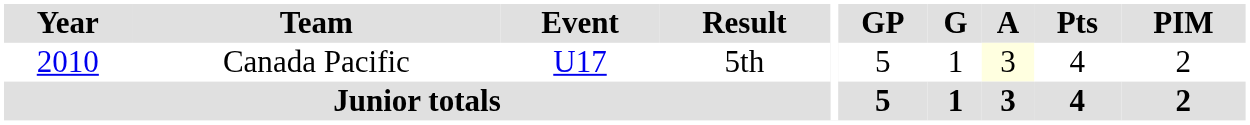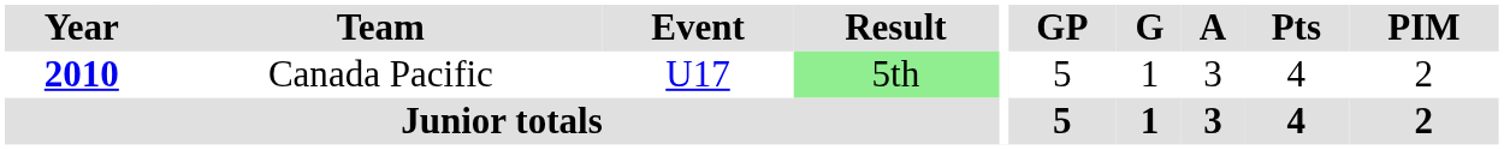 <table border="0" cellpadding="1" cellspacing="0" ID="Table3" style="text-align:center; width:40em">
 <tr ALIGN="center" bgcolor="#e0e0e0">
 <th>Year</th>
 <th>Team</th>
 <th>Event</th>
 <th>Result</th>
 <th rowspan="99" bgcolor="#ffffff"></th>
 <th>GP</th>
 <th>G</th>
 <th>A</th>
 <th>Pts</th>
 <th>PIM</th>
 </tr>
 <tr>
-<td><a href='#'>2010</a></td>
+<td><strong><a href='#'>2010</a></strong></td>
 <td>Canada Pacific</td>
 <td><a href='#'>U17</a></td>
-<td>5th</td>
+<td style="background: lightgreen;">5th</td>
 <td>5</td>
 <td>1</td>
-<td style="background: lightyellow;">3</td>
+<td>3</td>
 <td>4</td>
 <td>2</td>
 </tr>
 <tr ALIGN="center" bgcolor="#e0e0e0">
 <th colspan=4>Junior totals</th>
 <th>5</th>
 <th>1</th>
 <th>3</th>
 <th>4</th>
 <th>2</th>
 </tr>
 </table>
